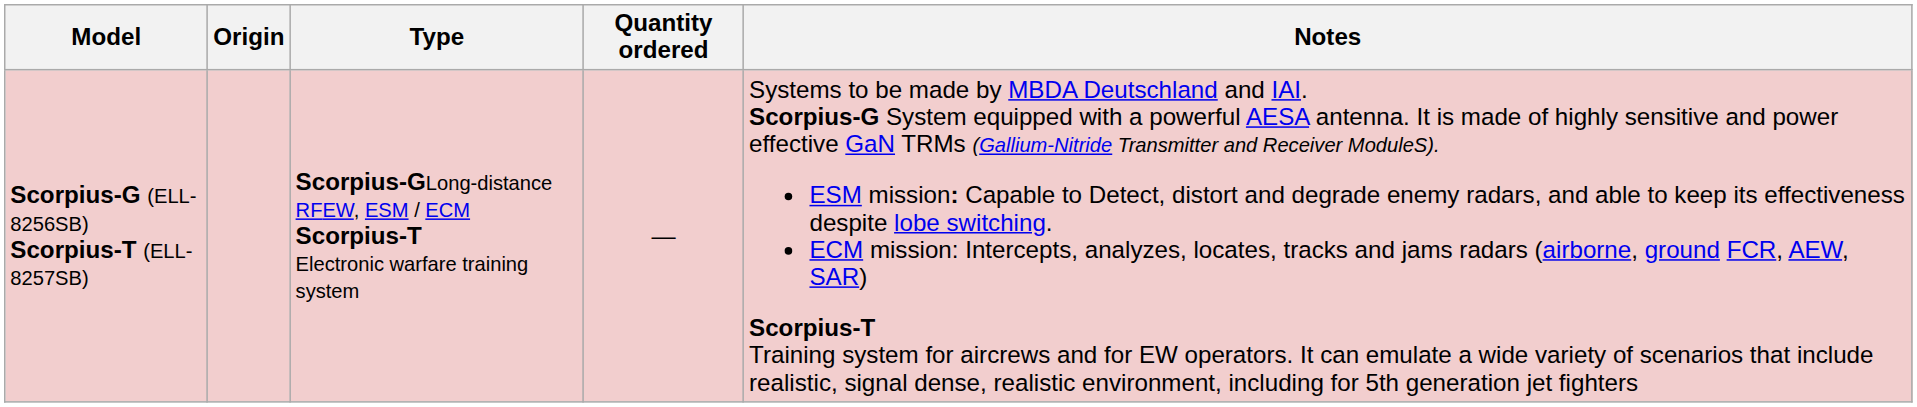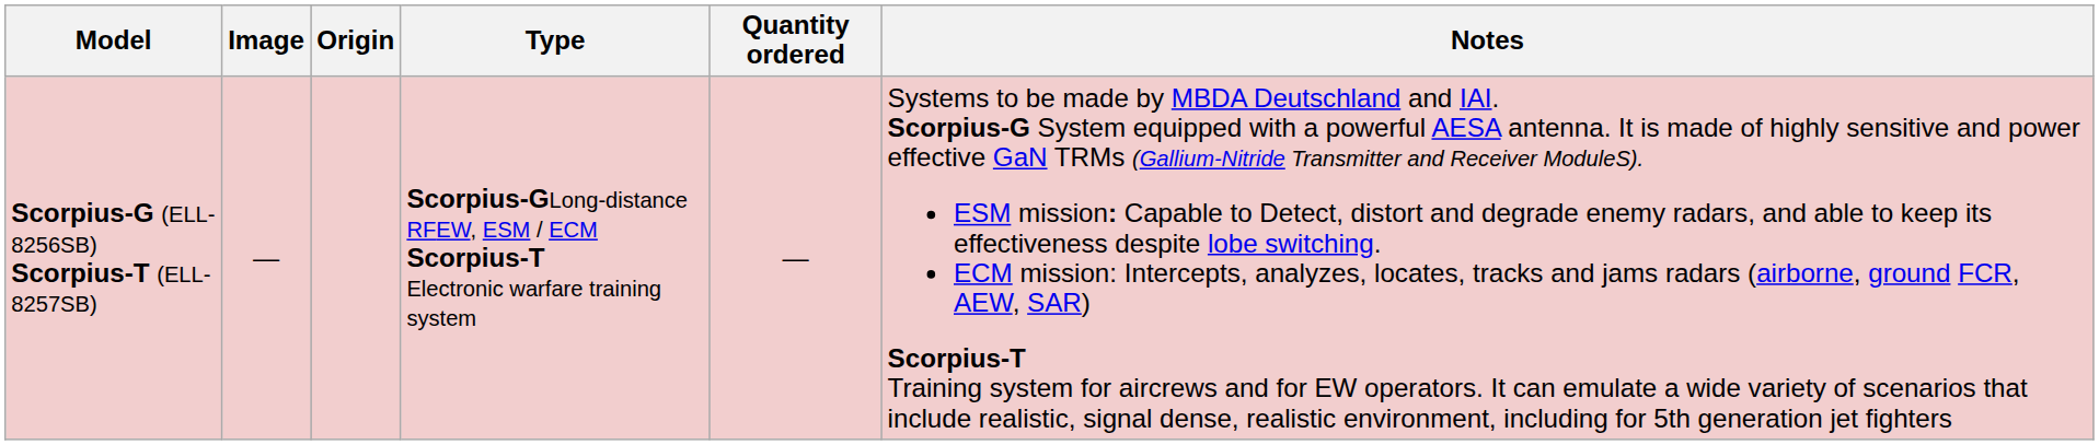 <table class="wikitable" style="width:100%;">
 <tr>
 <th>Model</th>
+<th>Image</th>
 <th>Origin</th>
 <th>Type</th>
 <th>Quantity ordered</th>
 <th>Notes</th>
 </tr>
 <tr>
 <td style="background: #F2CECE;"><strong>Scorpius-G</strong> <small>(ELL-8256SB)</small><br><strong>Scorpius-T</strong> <small>(ELL-8257SB)</small></td>
+<td style="background: #F2CECE;text-align: center">—</td>
 <td style="background: #F2CECE;"><small></small><br><small></small></td>
 <td style="background: #F2CECE;"><strong>Scorpius-G</strong><small>Long-distance <a href='#'>RF</a><a href='#'>EW</a>, <a href='#'>ESM</a> / <a href='#'>ECM</a></small><br><strong>Scorpius-T</strong><br><small>Electronic warfare training system</small></td>
 <td style="background: #F2CECE;text-align: center">—</td>
 <td style="background: #F2CECE;">Systems to be made by <a href='#'>MBDA Deutschland</a> and <a href='#'>IAI</a>.<br><strong>Scorpius-G</strong> System equipped with a powerful <a href='#'>AESA</a> antenna. It is made of highly sensitive and power effective <a href='#'>GaN</a> TRMs <em><small>(<a href='#'>Gallium-Nitride</a> Transmitter and Receiver ModuleS).</small></em><ul><li><a href='#'>ESM</a> mission<strong>:</strong> Capable to Detect, distort and degrade enemy radars, and able to keep its effectiveness despite <a href='#'>lobe switching</a>.</li><li><a href='#'>ECM</a> mission:  Intercepts, analyzes, locates, tracks and jams radars (<a href='#'>airborne</a>, <a href='#'>ground</a> <a href='#'>FCR</a>, <a href='#'>AEW</a>, <a href='#'>SAR</a>)</li></ul><strong>Scorpius-T</strong><br>Training system for aircrews and for EW operators. It can emulate a wide variety of scenarios that include realistic, signal dense, realistic environment, including for 5th generation jet fighters</td>
 </tr>
 </table>
